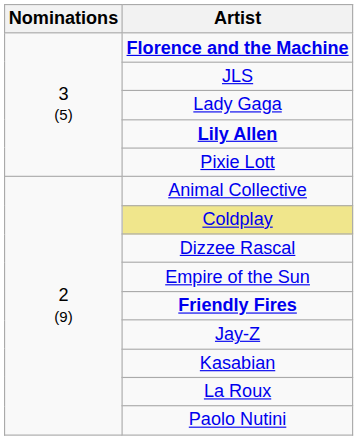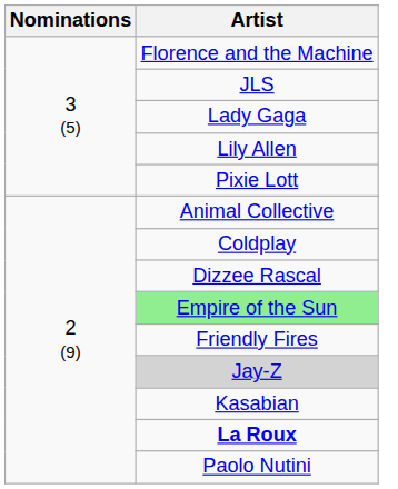 <table class="wikitable" rowspan="2" style="text-align:center;">
 <tr>
 <th scope="col" style="width:55px;">Nominations</th>
 <th scope="col" style="text-align:center;">Artist</th>
 </tr>
 <tr>
 <td rowspan="5">3<br><small>(5)</small></td>
-<td><strong><a href='#'>Florence and the Machine</a></strong></td>
+<td><a href='#'>Florence and the Machine</a></td>
 </tr>
 <tr>
 <td><a href='#'>JLS</a></td>
 </tr>
 <tr>
 <td><a href='#'>Lady Gaga</a></td>
 </tr>
 <tr>
-<td><strong><a href='#'>Lily Allen</a></strong></td>
+<td><a href='#'>Lily Allen</a></td>
 </tr>
 <tr>
 <td><a href='#'>Pixie Lott</a></td>
 </tr>
 <tr>
 <td rowspan="9">2<br><small>(9)</small></td>
 <td><a href='#'>Animal Collective</a></td>
 </tr>
 <tr>
-<td style="background: khaki;"><a href='#'>Coldplay</a></td>
+<td><a href='#'>Coldplay</a></td>
 </tr>
 <tr>
 <td><a href='#'>Dizzee Rascal</a></td>
 </tr>
 <tr>
-<td><a href='#'>Empire of the Sun</a></td>
+<td style="background: lightgreen;"><a href='#'>Empire of the Sun</a></td>
 </tr>
 <tr>
-<td><strong><a href='#'>Friendly Fires</a></strong></td>
+<td><a href='#'>Friendly Fires</a></td>
 </tr>
 <tr>
-<td><a href='#'>Jay-Z</a></td>
+<td style="background: lightgrey;"><a href='#'>Jay-Z</a></td>
 </tr>
 <tr>
 <td><a href='#'>Kasabian</a></td>
 </tr>
 <tr>
-<td><a href='#'>La Roux</a></td>
+<td><strong><a href='#'>La Roux</a></strong></td>
 </tr>
 <tr>
 <td><a href='#'>Paolo Nutini</a></td>
 </tr>
 </table>
